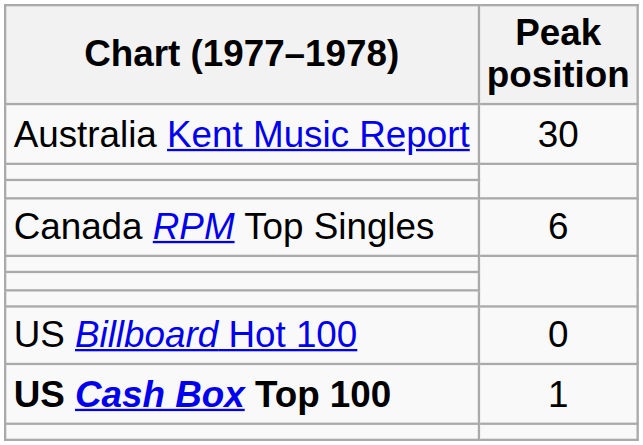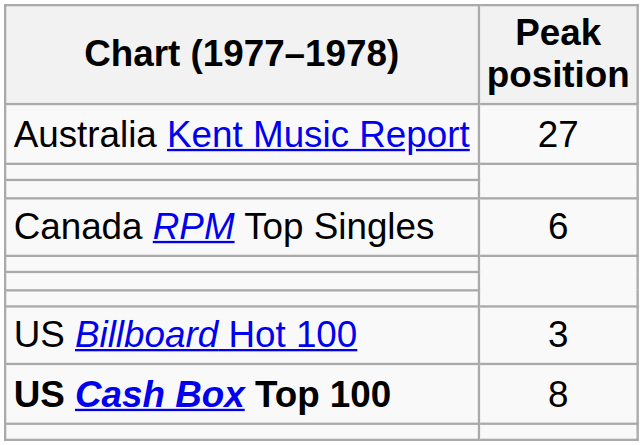 <table class="wikitable sortable">
 <tr>
 <th>Chart (1977–1978)</th>
 <th>Peak<br>position</th>
 </tr>
 <tr>
 <td>Australia <a href='#'>Kent Music Report</a></td>
-<td Align="center">30</td>
+<td Align="center">27</td>
 </tr>
 <tr>
 <td></td>
 </tr>
 <tr>
 <td></td>
 </tr>
 <tr>
 <td>Canada <em><a href='#'>RPM</a></em> Top Singles </td>
 <td Style="text-align:center;">6</td>
 </tr>
 <tr>
 <td></td>
 </tr>
 <tr>
 <td></td>
 </tr>
 <tr>
 <td></td>
 </tr>
 <tr>
 <td>US <a href='#'><em>Billboard</em> Hot 100</a></td>
-<td Align="center">0</td>
+<td Align="center">3</td>
 </tr>
 <tr>
 <td><strong>US <a href='#'><em>Cash Box</em></a> Top 100</strong></td>
-<td Align="center">1</td>
+<td Align="center">8</td>
 </tr>
 <tr>
 <td></td>
 </tr>
 </table>
